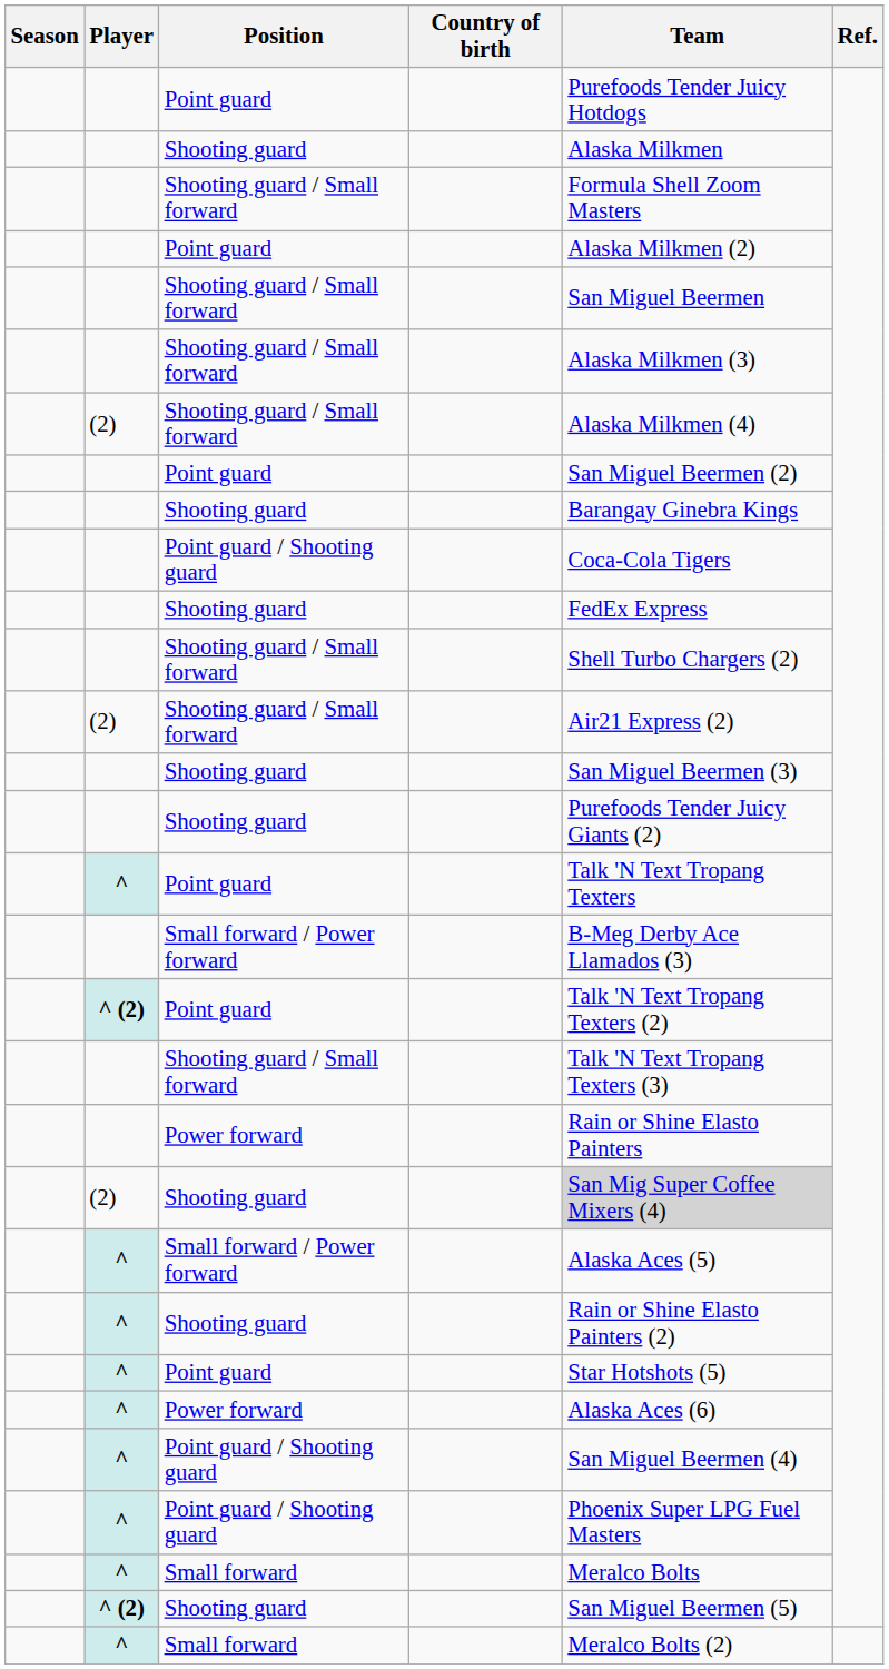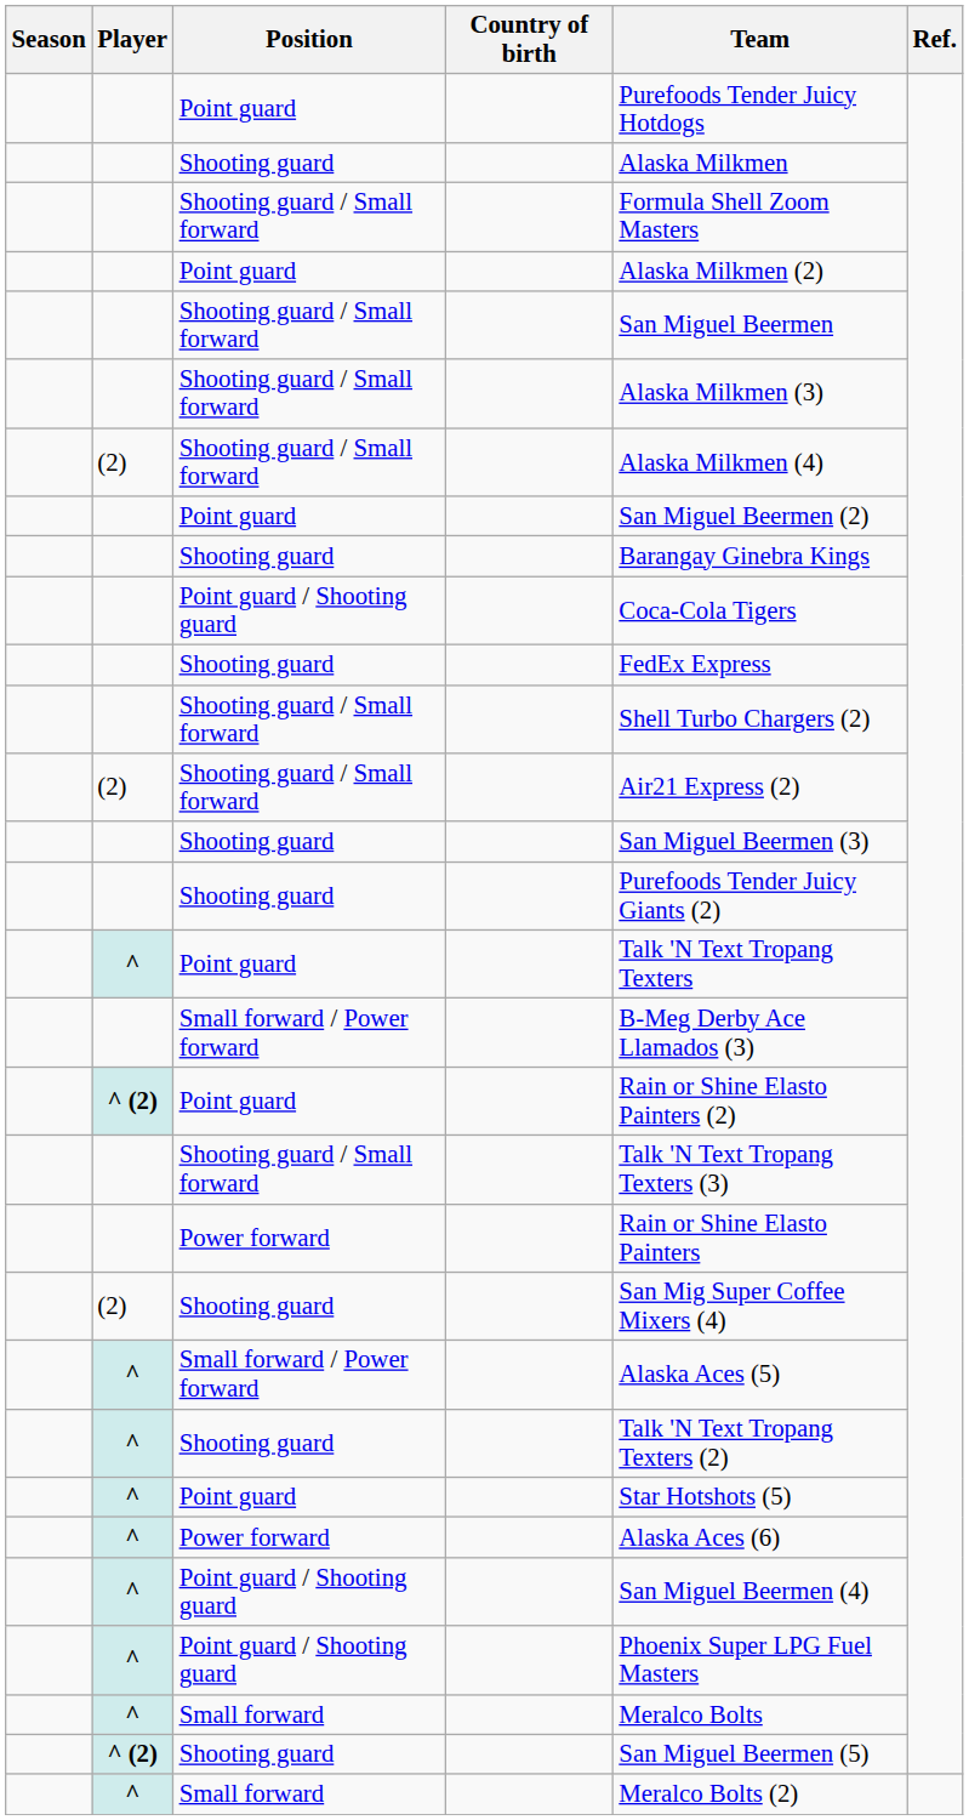 <table class="wikitable plainrowheaders sortable" summary="Season (sortable), Coach (sortable), Nationality (sortable), Team (sortable)width=640px">
 <tr>
 <th scope="col">Season</th>
 <th scope="col">Player</th>
 <th scope="col">Position</th>
 <th scope="col">Country of birth</th>
 <th scope="col">Team</th>
 <th scope="col" class=unsortable>Ref.</th>
 </tr>
 <tr>
 <td></td>
 <td></td>
 <td><a href='#'>Point guard</a></td>
 <td></td>
 <td><a href='#'>Purefoods Tender Juicy Hotdogs</a></td>
 </tr>
 <tr>
 <td></td>
 <td></td>
 <td><a href='#'>Shooting guard</a></td>
 <td></td>
 <td><a href='#'>Alaska Milkmen</a></td>
 </tr>
 <tr>
 <td></td>
 <td></td>
 <td><a href='#'>Shooting guard</a> / <a href='#'>Small forward</a></td>
 <td></td>
 <td><a href='#'>Formula Shell Zoom Masters</a></td>
 </tr>
 <tr>
 <td></td>
 <td></td>
 <td><a href='#'>Point guard</a></td>
 <td></td>
 <td><a href='#'>Alaska Milkmen</a> (2)</td>
 </tr>
 <tr>
 <td></td>
 <td></td>
 <td><a href='#'>Shooting guard</a> / <a href='#'>Small forward</a></td>
 <td></td>
 <td><a href='#'>San Miguel Beermen</a></td>
 </tr>
 <tr>
 <td></td>
 <td></td>
 <td><a href='#'>Shooting guard</a> / <a href='#'>Small forward</a></td>
 <td></td>
 <td><a href='#'>Alaska Milkmen</a> (3)</td>
 </tr>
 <tr>
 <td></td>
 <td> (2)</td>
 <td><a href='#'>Shooting guard</a> / <a href='#'>Small forward</a></td>
 <td></td>
 <td><a href='#'>Alaska Milkmen</a> (4)</td>
 </tr>
 <tr>
 <td></td>
 <td></td>
 <td><a href='#'>Point guard</a></td>
 <td></td>
 <td><a href='#'>San Miguel Beermen</a> (2)</td>
 </tr>
 <tr>
 <td></td>
 <td></td>
 <td><a href='#'>Shooting guard</a></td>
 <td></td>
 <td><a href='#'>Barangay Ginebra Kings</a></td>
 </tr>
 <tr>
 <td></td>
 <td></td>
 <td><a href='#'>Point guard</a> / <a href='#'>Shooting guard</a></td>
 <td></td>
 <td><a href='#'>Coca-Cola Tigers</a></td>
 </tr>
 <tr>
 <td></td>
 <td></td>
 <td><a href='#'>Shooting guard</a></td>
 <td></td>
 <td><a href='#'>FedEx Express</a></td>
 </tr>
 <tr>
 <td></td>
 <td></td>
 <td><a href='#'>Shooting guard</a> / <a href='#'>Small forward</a></td>
 <td></td>
 <td><a href='#'>Shell Turbo Chargers</a> (2)</td>
 </tr>
 <tr>
 <td></td>
 <td> (2)</td>
 <td><a href='#'>Shooting guard</a> / <a href='#'>Small forward</a></td>
 <td></td>
 <td><a href='#'>Air21 Express</a> (2)</td>
 </tr>
 <tr>
 <td></td>
 <td></td>
 <td><a href='#'>Shooting guard</a></td>
 <td></td>
 <td><a href='#'>San Miguel Beermen</a> (3)</td>
 </tr>
 <tr>
 <td></td>
 <td></td>
 <td><a href='#'>Shooting guard</a></td>
 <td></td>
 <td><a href='#'>Purefoods Tender Juicy Giants</a> (2)</td>
 </tr>
 <tr>
 <td></td>
 <th scope="row" style="background-color:#CFECEC">^</th>
 <td><a href='#'>Point guard</a></td>
 <td></td>
 <td><a href='#'>Talk 'N Text Tropang Texters</a></td>
 </tr>
 <tr>
 <td></td>
 <td></td>
 <td><a href='#'>Small forward</a> / <a href='#'>Power forward</a></td>
 <td></td>
 <td><a href='#'>B-Meg Derby Ace Llamados</a> (3)</td>
 </tr>
 <tr>
 <td></td>
 <th scope="row" style="background-color:#CFECEC">^ (2)</th>
 <td><a href='#'>Point guard</a></td>
 <td></td>
-<td><a href='#'>Talk 'N Text Tropang Texters</a> (2)</td>
+<td><a href='#'>Rain or Shine Elasto Painters</a> (2)</td>
 </tr>
 <tr>
 <td></td>
 <td></td>
 <td><a href='#'>Shooting guard</a> / <a href='#'>Small forward</a></td>
 <td></td>
 <td><a href='#'>Talk 'N Text Tropang Texters</a> (3)</td>
 </tr>
 <tr>
 <td></td>
 <td></td>
 <td><a href='#'>Power forward</a></td>
 <td></td>
 <td><a href='#'>Rain or Shine Elasto Painters</a></td>
 </tr>
 <tr>
 <td></td>
 <td> (2)</td>
 <td><a href='#'>Shooting guard</a></td>
 <td></td>
-<td style="background: lightgrey;"><a href='#'>San Mig Super Coffee Mixers</a> (4)</td>
+<td><a href='#'>San Mig Super Coffee Mixers</a> (4)</td>
 </tr>
 <tr>
 <td></td>
 <th scope="row" style="background-color:#CFECEC">^</th>
 <td><a href='#'>Small forward</a> / <a href='#'>Power forward</a></td>
 <td></td>
 <td><a href='#'>Alaska Aces</a> (5)</td>
 </tr>
 <tr>
 <td></td>
 <th scope="row" style="background-color:#CFECEC">^</th>
 <td><a href='#'>Shooting guard</a></td>
 <td></td>
-<td><a href='#'>Rain or Shine Elasto Painters</a> (2)</td>
+<td><a href='#'>Talk 'N Text Tropang Texters</a> (2)</td>
 </tr>
 <tr>
 <td></td>
 <th scope="row" style="background-color:#CFECEC">^</th>
 <td><a href='#'>Point guard</a></td>
 <td></td>
 <td><a href='#'>Star Hotshots</a> (5)</td>
 </tr>
 <tr>
 <td></td>
 <th scope="row" style="background-color:#CFECEC">^</th>
 <td><a href='#'>Power forward</a></td>
 <td></td>
 <td><a href='#'>Alaska Aces</a> (6)</td>
 </tr>
 <tr>
 <td></td>
 <th scope="row" style="background-color:#CFECEC">^</th>
 <td><a href='#'>Point guard</a> / <a href='#'>Shooting guard</a></td>
 <td></td>
 <td><a href='#'>San Miguel Beermen</a> (4)</td>
 </tr>
 <tr>
 <td></td>
 <th scope="row" style="background-color:#CFECEC">^</th>
 <td><a href='#'>Point guard</a> / <a href='#'>Shooting guard</a></td>
 <td></td>
 <td><a href='#'>Phoenix Super LPG Fuel Masters</a></td>
 </tr>
 <tr>
 <td></td>
 <th scope="row" style="background-color:#CFECEC">^</th>
 <td><a href='#'>Small forward</a></td>
 <td></td>
 <td><a href='#'>Meralco Bolts</a></td>
 </tr>
 <tr>
 <td></td>
 <th scope="row" style="background-color:#CFECEC">^ (2)</th>
 <td><a href='#'>Shooting guard</a></td>
 <td></td>
 <td><a href='#'>San Miguel Beermen</a> (5)</td>
 </tr>
 <tr>
 <td></td>
 <th scope="row" style="background-color:#CFECEC">^</th>
 <td><a href='#'>Small forward</a></td>
 <td></td>
 <td><a href='#'>Meralco Bolts</a> (2)</td>
 <td></td>
 </tr>
 </table>
